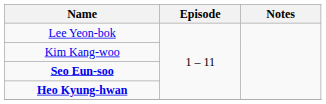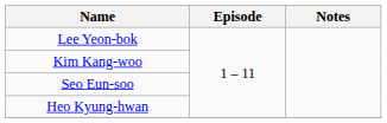 <table class=wikitable style=text-align:center>
 <tr>
 <th style=width:200px>Name</th>
 <th style=width:100px>Episode</th>
 <th style=width:100px>Notes</th>
 </tr>
 <tr>
 <td><a href='#'>Lee Yeon-bok</a></td>
 <td rowspan=4>1 – 11</td>
 <td rowspan=4></td>
 </tr>
 <tr>
 <td><a href='#'>Kim Kang-woo</a></td>
 </tr>
 <tr>
-<td><strong><a href='#'>Seo Eun-soo</a></strong></td>
+<td><a href='#'>Seo Eun-soo</a></td>
 </tr>
 <tr>
-<td><strong><a href='#'>Heo Kyung-hwan</a></strong></td>
+<td><a href='#'>Heo Kyung-hwan</a></td>
 </tr>
 <tr>
 </tr>
 </table>
